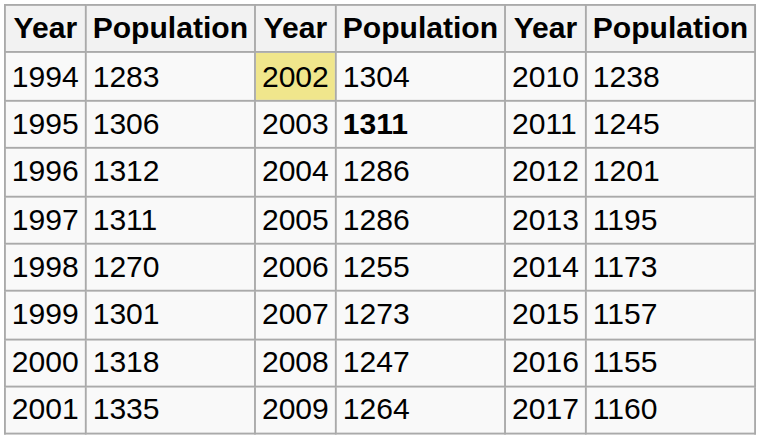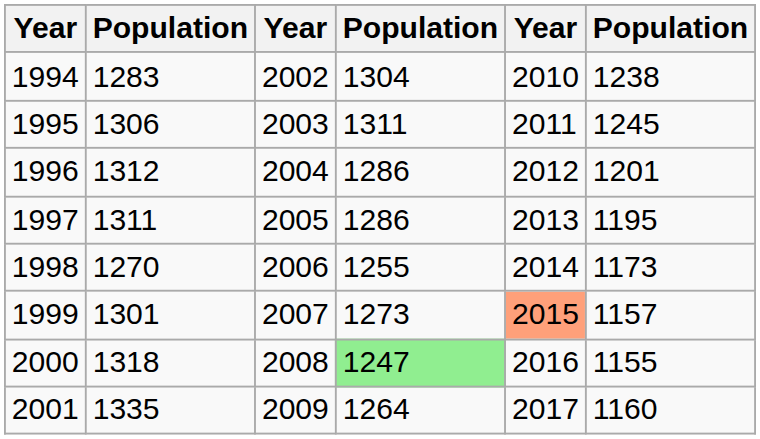 <table class="wikitable">
 <tr>
 <th>Year</th>
 <th>Population</th>
 <th>Year</th>
 <th>Population</th>
 <th>Year</th>
 <th>Population</th>
 </tr>
 <tr>
 <td>1994</td>
 <td>1283</td>
-<td style="background: khaki;">2002</td>
+<td>2002</td>
 <td>1304</td>
 <td>2010</td>
 <td>1238</td>
 </tr>
 <tr>
 <td>1995</td>
 <td>1306</td>
 <td>2003</td>
-<td><strong>1311</strong></td>
+<td>1311</td>
 <td>2011</td>
 <td>1245</td>
 </tr>
 <tr>
 <td>1996</td>
 <td>1312</td>
 <td>2004</td>
 <td>1286</td>
 <td>2012</td>
 <td>1201</td>
 </tr>
 <tr>
 <td>1997</td>
 <td>1311</td>
 <td>2005</td>
 <td>1286</td>
 <td>2013</td>
 <td>1195</td>
 </tr>
 <tr>
 <td>1998</td>
 <td>1270</td>
 <td>2006</td>
 <td>1255</td>
 <td>2014</td>
 <td>1173</td>
 </tr>
 <tr>
 <td>1999</td>
 <td>1301</td>
 <td>2007</td>
 <td>1273</td>
-<td>2015</td>
+<td style="background: lightsalmon;">2015</td>
 <td>1157</td>
 </tr>
 <tr>
 <td>2000</td>
 <td>1318</td>
 <td>2008</td>
-<td>1247</td>
+<td style="background: lightgreen;">1247</td>
 <td>2016</td>
 <td>1155</td>
 </tr>
 <tr>
 <td>2001</td>
 <td>1335</td>
 <td>2009</td>
 <td>1264</td>
 <td>2017</td>
 <td>1160</td>
 </tr>
 </table>
